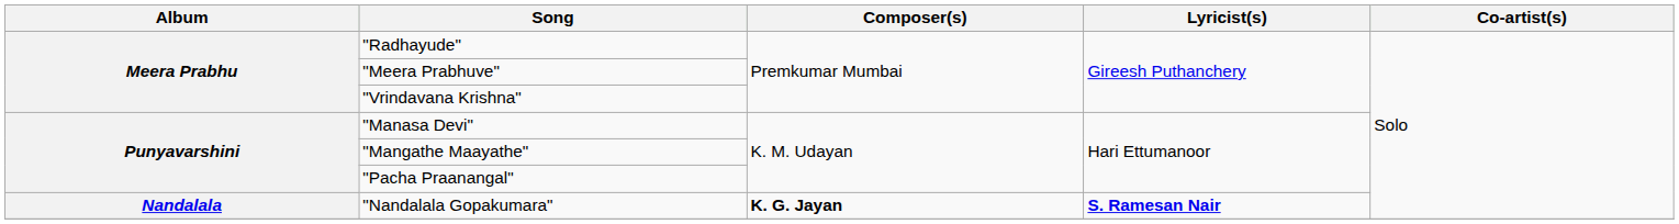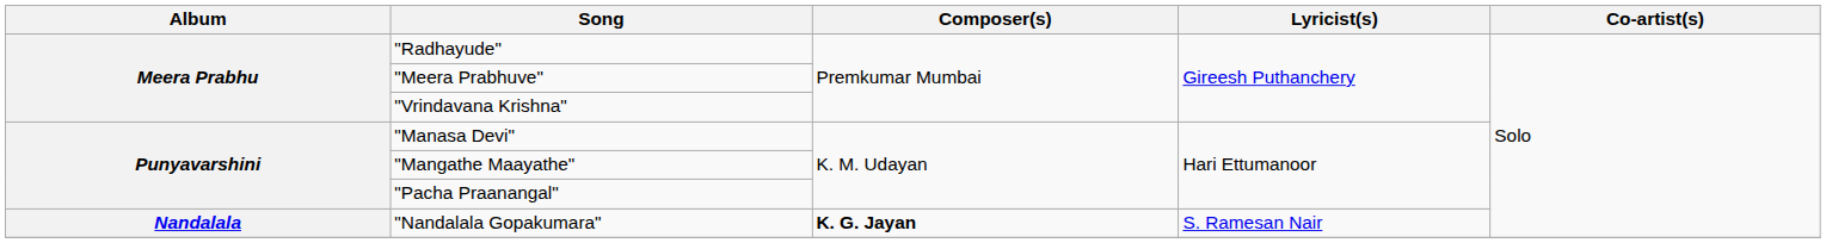 <table class="wikitable plainrowheaders" width="100%" textcolor:#000;">
 <tr style="background:#cfc; text-align:center;">
 <th scope="col" width=21%>Album</th>
 <th scope="col" width=23%>Song</th>
 <th scope="col" width=20%>Composer(s)</th>
 <th scope="col" width=17%>Lyricist(s)</th>
 <th scope="col" width=18%>Co-artist(s)</th>
 </tr>
 <tr>
 <th scope="row" rowspan="3"><em>Meera Prabhu</em></th>
 <td>"Radhayude"</td>
 <td rowspan="3">Premkumar Mumbai</td>
 <td rowspan="3"><a href='#'>Gireesh Puthanchery</a></td>
 <td rowspan="7">Solo</td>
 </tr>
 <tr>
 <td>"Meera Prabhuve"</td>
 </tr>
 <tr>
 <td>"Vrindavana Krishna"</td>
 </tr>
 <tr>
 <th scope="row" rowspan="3"><em>Punyavarshini</em></th>
 <td>"Manasa Devi"</td>
 <td rowspan="3">K. M. Udayan</td>
 <td rowspan="3">Hari Ettumanoor</td>
 </tr>
 <tr>
 <td>"Mangathe Maayathe"</td>
 </tr>
 <tr>
 <td>"Pacha Praanangal"</td>
 </tr>
 <tr>
 <th scope="row"><em><a href='#'>Nandalala</a></em></th>
 <td>"Nandalala Gopakumara"</td>
 <td><strong>K. G. Jayan</strong></td>
-<td><strong><a href='#'>S. Ramesan Nair</a></strong></td>
+<td><a href='#'>S. Ramesan Nair</a></td>
 </tr>
 <tr>
 </tr>
 </table>
